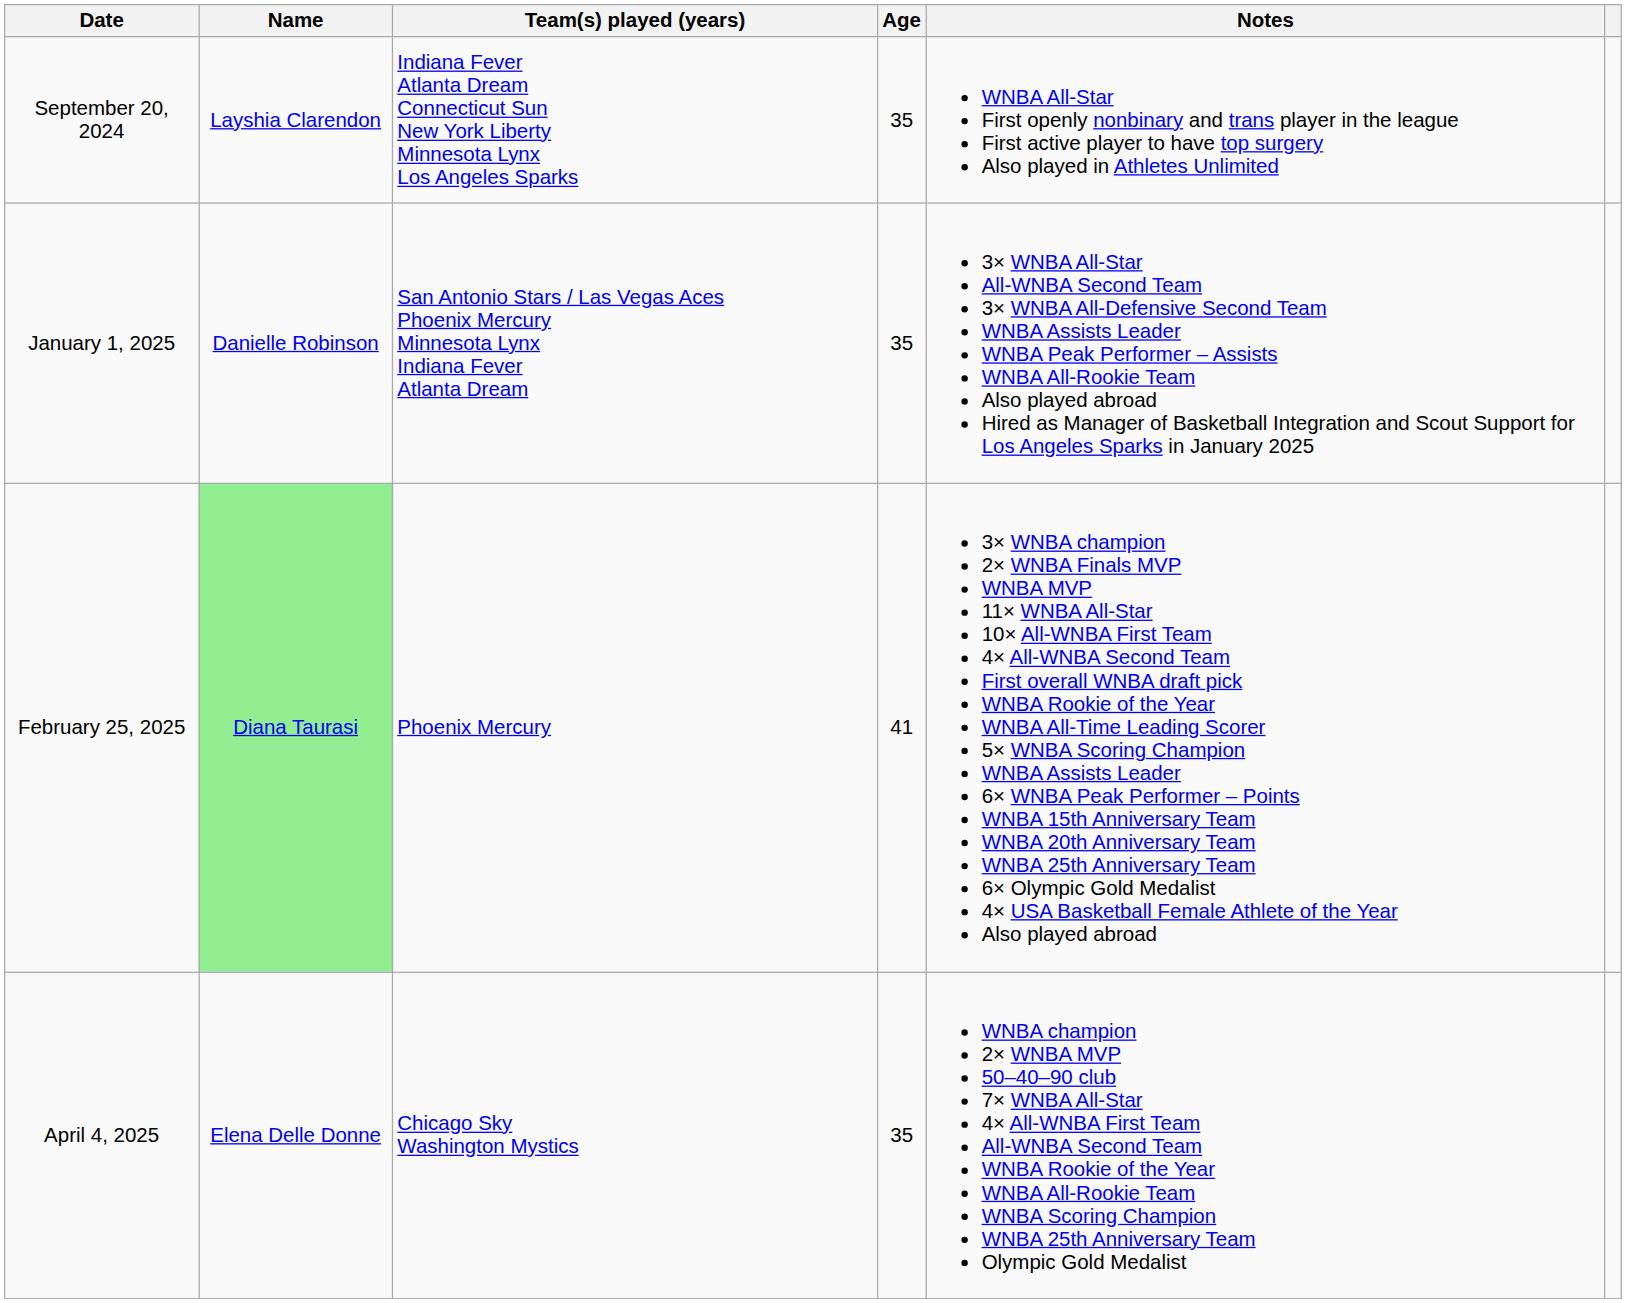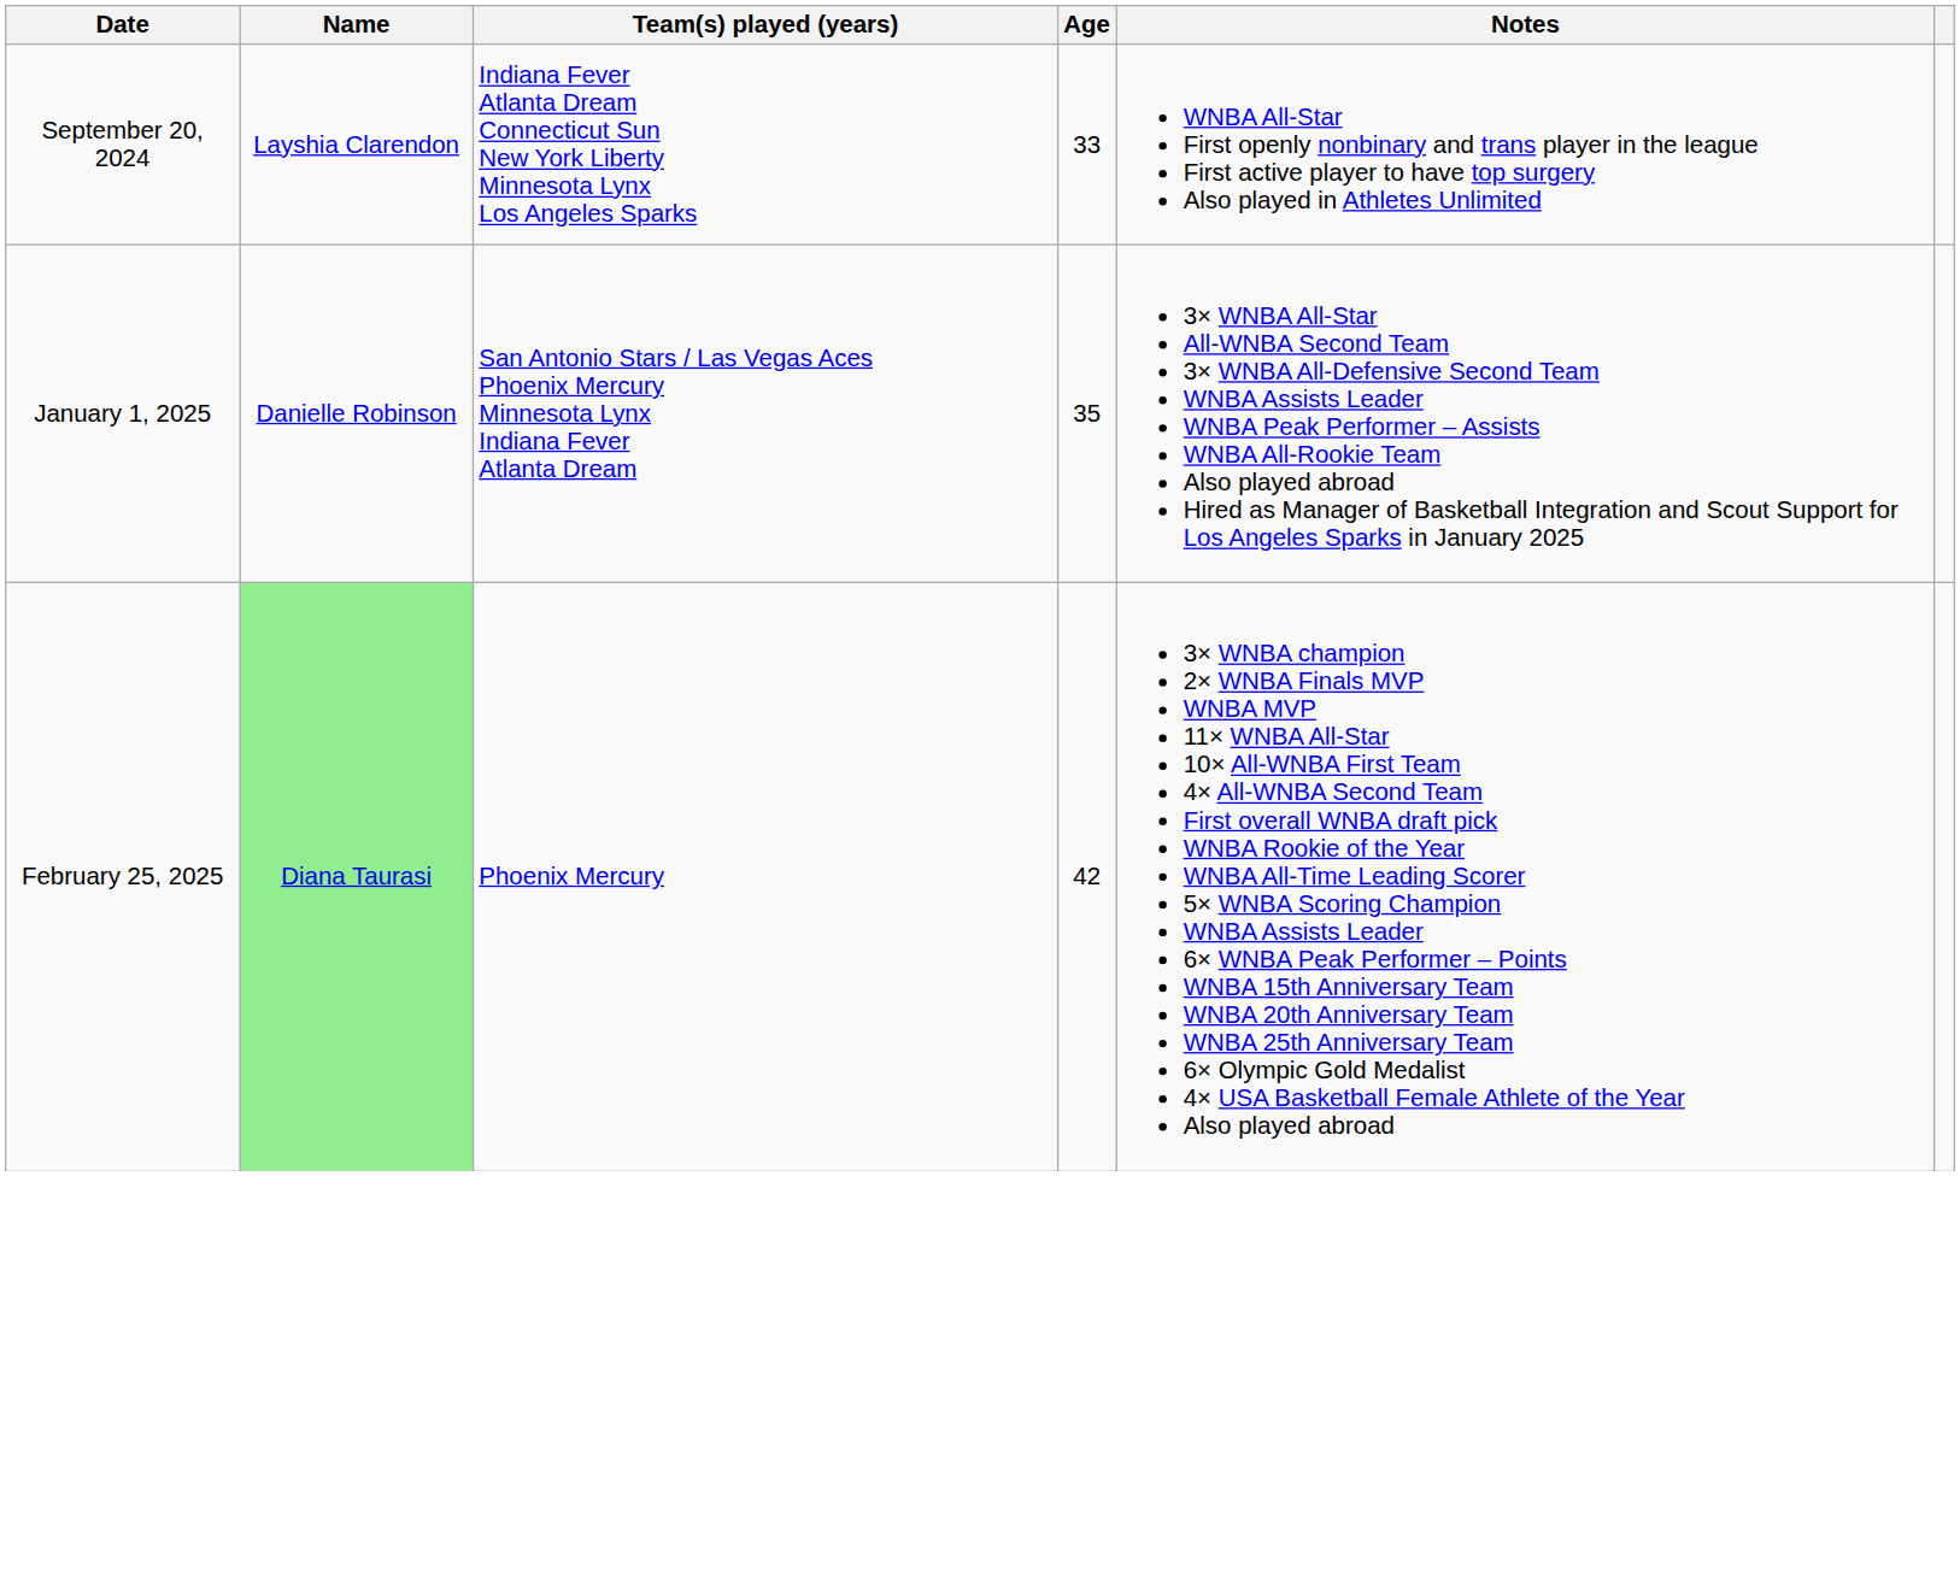 <table class="wikitable sortable" style="width:100%;">
 <tr>
 <th width=12%>Date</th>
 <th width=12%>Name</th>
 <th width=30%>Team(s) played (years)</th>
 <th width=1%>Age</th>
 <th>Notes</th>
 <th width=1% class="unsortable"></th>
 </tr>
 <tr>
 <td align="center">September 20, 2024</td>
 <td align="center"><a href='#'>Layshia Clarendon</a></td>
 <td><a href='#'>Indiana Fever</a> <br><a href='#'>Atlanta Dream</a> <br><a href='#'>Connecticut Sun</a> <br><a href='#'>New York Liberty</a> <br><a href='#'>Minnesota Lynx</a> <br><a href='#'>Los Angeles Sparks</a> </td>
-<td align="center">35</td>
+<td align="center">33</td>
 <td><br><ul><li><a href='#'>WNBA All-Star</a> </li><li>First openly <a href='#'>nonbinary</a> and <a href='#'>trans</a> player in the league</li><li>First active player to have <a href='#'>top surgery</a></li><li>Also played in <a href='#'>Athletes Unlimited</a></li></ul></td>
 <td align="center"></td>
 </tr>
 <tr>
 <td align="center">January 1, 2025</td>
 <td align="center"><a href='#'>Danielle Robinson</a></td>
 <td><a href='#'>San Antonio Stars / Las Vegas Aces</a> <br> <a href='#'>Phoenix Mercury</a> <br> <a href='#'>Minnesota Lynx</a> <br> <a href='#'>Indiana Fever</a> <br><a href='#'>Atlanta Dream</a> </td>
 <td align="center">35</td>
 <td><br><ul><li>3× <a href='#'>WNBA All-Star</a> </li><li><a href='#'>All-WNBA Second Team</a> </li><li>3× <a href='#'>WNBA All-Defensive Second Team</a> </li><li><a href='#'>WNBA Assists Leader</a> </li><li><a href='#'>WNBA Peak Performer – Assists</a> </li><li><a href='#'>WNBA All-Rookie Team</a> </li><li>Also played abroad </li><li>Hired as Manager of Basketball Integration and Scout Support for <a href='#'>Los Angeles Sparks</a> in January 2025</li></ul></td>
 <td align="center"></td>
 </tr>
 <tr>
 <td align="center">February 25, 2025</td>
 <td align="center" style="background: lightgreen;"><a href='#'>Diana Taurasi</a></td>
 <td><a href='#'>Phoenix Mercury</a> </td>
-<td align="center">41</td>
+<td align="center">42</td>
 <td><br><ul><li>3× <a href='#'>WNBA champion</a> </li><li>2× <a href='#'>WNBA Finals MVP</a> </li><li><a href='#'>WNBA MVP</a> </li><li>11× <a href='#'>WNBA All-Star</a> </li><li>10× <a href='#'>All-WNBA First Team</a> </li><li>4× <a href='#'>All-WNBA Second Team</a> </li><li><a href='#'>First overall WNBA draft pick</a> </li><li><a href='#'>WNBA Rookie of the Year</a> </li><li><a href='#'>WNBA All-Time Leading Scorer</a> </li><li>5× <a href='#'>WNBA Scoring Champion</a> </li><li><a href='#'>WNBA Assists Leader</a> </li><li>6× <a href='#'>WNBA Peak Performer – Points</a> </li><li><a href='#'>WNBA 15th Anniversary Team</a> </li><li><a href='#'>WNBA 20th Anniversary Team</a> </li><li><a href='#'>WNBA 25th Anniversary Team</a> </li><li>6× Olympic Gold Medalist </li><li>4× <a href='#'>USA Basketball Female Athlete of the Year</a></li><li>Also played abroad </li></ul></td>
 <td align="center"></td>
 </tr>
-<tr>
-<td align="center">April 4, 2025</td>
-<td align="center"><a href='#'>Elena Delle Donne</a></td>
-<td><a href='#'>Chicago Sky</a> <br><a href='#'>Washington Mystics</a> </td>
-<td align="center">35</td>
-<td><br><ul><li><a href='#'>WNBA champion</a> </li><li>2× <a href='#'>WNBA MVP</a> </li><li><a href='#'>50–40–90 club</a> </li><li>7× <a href='#'>WNBA All-Star</a> </li><li>4× <a href='#'>All-WNBA First Team</a> </li><li><a href='#'>All-WNBA Second Team</a> </li><li><a href='#'>WNBA Rookie of the Year</a> </li><li><a href='#'>WNBA All-Rookie Team</a> </li><li><a href='#'>WNBA Scoring Champion</a> </li><li><a href='#'>WNBA 25th Anniversary Team</a> </li><li>Olympic Gold Medalist </li></ul></td>
-<td align="center"></td>
-</tr>
 </table>
